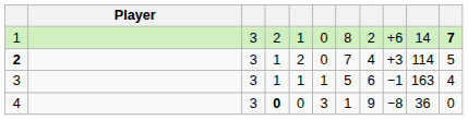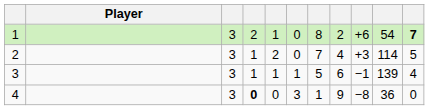 <table class="wikitable" style="text-align:center; margin: 1em auto 1em auto, align:left">
 <tr>
 <th width=20></th>
 <th width=240>Player</th>
 <th width=20></th>
 <th width=20></th>
 <th width=20></th>
 <th width=20></th>
 <th width=20></th>
 <th width=20></th>
 <th width=20></th>
 <th width=30></th>
 <th width=20></th>
 </tr>
 <tr style="background:#D0F0C0;">
 <td>1</td>
 <td align=left></td>
 <td>3</td>
 <td>2</td>
 <td>1</td>
 <td>0</td>
 <td>8</td>
 <td>2</td>
 <td>+6</td>
-<td>14</td>
+<td>54</td>
 <td><strong>7</strong></td>
 </tr>
 <tr style=>
-<td><strong>2</strong></td>
+<td>2</td>
 <td align=left></td>
 <td>3</td>
 <td>1</td>
 <td>2</td>
 <td>0</td>
 <td>7</td>
 <td>4</td>
 <td>+3</td>
 <td>114</td>
 <td>5</td>
 </tr>
 <tr style=>
 <td>3</td>
 <td align=left></td>
 <td>3</td>
 <td>1</td>
 <td>1</td>
 <td>1</td>
 <td>5</td>
 <td>6</td>
 <td>−1</td>
-<td>163</td>
+<td>139</td>
 <td>4</td>
 </tr>
 <tr style=>
 <td>4</td>
 <td align=left></td>
 <td>3</td>
 <td><strong>0</strong></td>
 <td>0</td>
 <td>3</td>
 <td>1</td>
 <td>9</td>
 <td>−8</td>
 <td>36</td>
 <td>0</td>
 </tr>
 </table>
